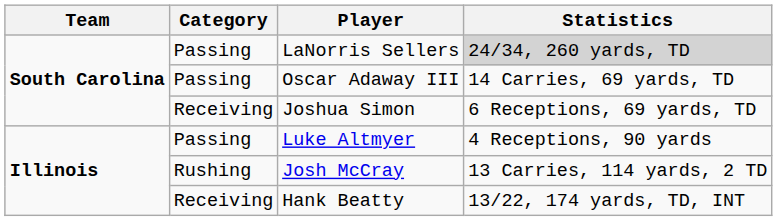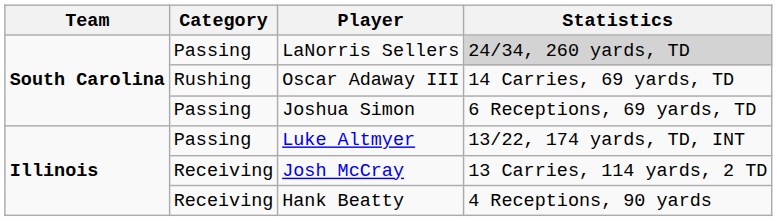 <table class="wikitable" style="float: right;">
 <tr>
 <th>Team</th>
 <th>Category</th>
 <th>Player</th>
 <th>Statistics</th>
 </tr>
 <tr>
 <td rowspan=3><strong>South Carolina</strong></td>
 <td>Passing</td>
 <td>LaNorris Sellers</td>
 <td style="background: lightgrey;">24/34, 260 yards, TD</td>
 </tr>
 <tr>
-<td>Passing</td>
+<td>Rushing</td>
 <td>Oscar Adaway III</td>
 <td>14 Carries, 69 yards, TD</td>
 </tr>
 <tr>
-<td>Receiving</td>
+<td>Passing</td>
 <td>Joshua Simon</td>
 <td>6 Receptions, 69 yards, TD</td>
 </tr>
 <tr>
 <td rowspan=3><strong>Illinois</strong></td>
 <td>Passing</td>
 <td><a href='#'>Luke Altmyer</a></td>
-<td>4 Receptions, 90 yards</td>
+<td>13/22, 174 yards, TD, INT</td>
 </tr>
 <tr>
-<td>Rushing</td>
+<td>Receiving</td>
 <td><a href='#'>Josh McCray</a></td>
 <td>13 Carries,  114 yards, 2 TD</td>
 </tr>
 <tr>
 <td>Receiving</td>
 <td>Hank Beatty</td>
-<td>13/22, 174 yards, TD, INT</td>
+<td>4 Receptions, 90 yards</td>
 </tr>
 </table>
